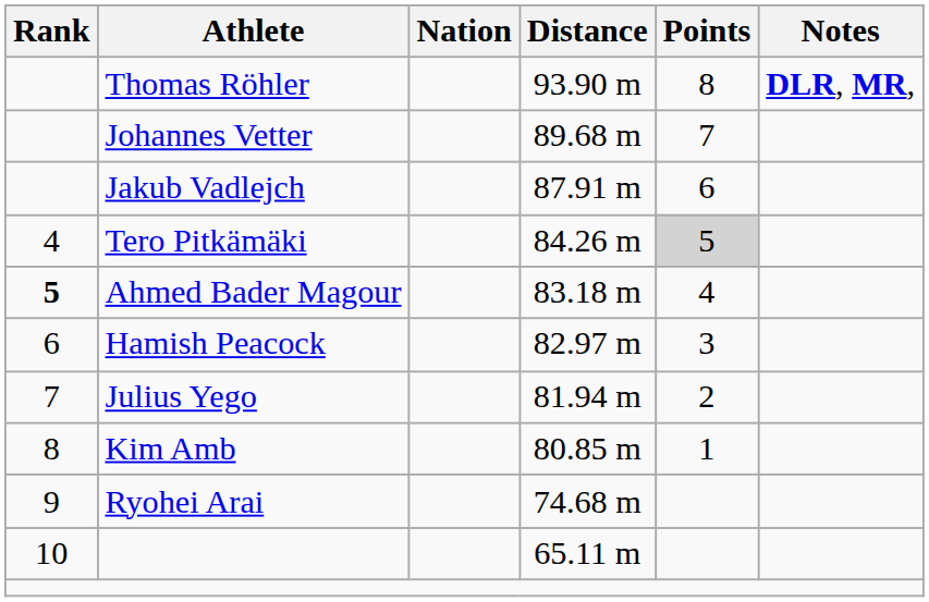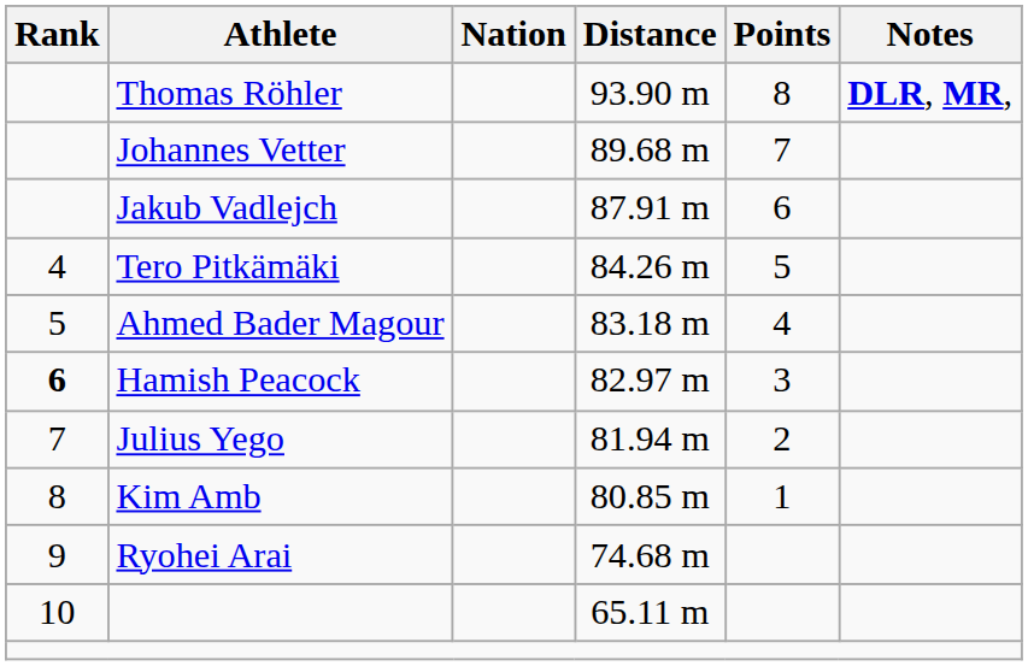 <table class="wikitable mw-datatable sortable" style="text-align:center;">
 <tr>
 <th>Rank</th>
 <th>Athlete</th>
 <th>Nation</th>
 <th>Distance</th>
 <th>Points</th>
 <th>Notes</th>
 </tr>
 <tr>
 <td></td>
 <td align=left><a href='#'>Thomas Röhler</a></td>
 <td align=left></td>
 <td>93.90 m</td>
 <td>8</td>
 <td><strong><a href='#'>DLR</a></strong>, <strong><a href='#'>MR</a></strong>, </td>
 </tr>
 <tr>
 <td></td>
 <td align=left><a href='#'>Johannes Vetter</a></td>
 <td align=left></td>
 <td>89.68 m</td>
 <td>7</td>
 <td></td>
 </tr>
 <tr>
 <td></td>
 <td align=left><a href='#'>Jakub Vadlejch</a></td>
 <td align=left></td>
 <td>87.91 m</td>
 <td>6</td>
 <td></td>
 </tr>
 <tr>
 <td>4</td>
 <td align=left><a href='#'>Tero Pitkämäki</a></td>
 <td align=left></td>
 <td>84.26 m</td>
-<td style="background: lightgrey;">5</td>
+<td>5</td>
 <td></td>
 </tr>
 <tr>
-<td><strong>5</strong></td>
+<td>5</td>
 <td align=left><a href='#'>Ahmed Bader Magour</a></td>
 <td align=left></td>
 <td>83.18 m</td>
 <td>4</td>
 <td></td>
 </tr>
 <tr>
-<td>6</td>
+<td><strong>6</strong></td>
 <td align=left><a href='#'>Hamish Peacock</a></td>
 <td align=left></td>
 <td>82.97 m</td>
 <td>3</td>
 <td></td>
 </tr>
 <tr>
 <td>7</td>
 <td align=left><a href='#'>Julius Yego</a></td>
 <td align=left></td>
 <td>81.94 m</td>
 <td>2</td>
 <td></td>
 </tr>
 <tr>
 <td>8</td>
 <td align=left><a href='#'>Kim Amb</a></td>
 <td align=left></td>
 <td>80.85 m</td>
 <td>1</td>
 <td></td>
 </tr>
 <tr>
 <td>9</td>
 <td align=left><a href='#'>Ryohei Arai</a></td>
 <td align=left></td>
 <td>74.68 m</td>
 <td></td>
 <td></td>
 </tr>
 <tr>
 <td>10</td>
 <td align=left></td>
 <td align=left></td>
 <td>65.11 m</td>
 <td></td>
 <td></td>
 </tr>
 <tr class="sortbottom">
 <td colspan=6></td>
 </tr>
 </table>
